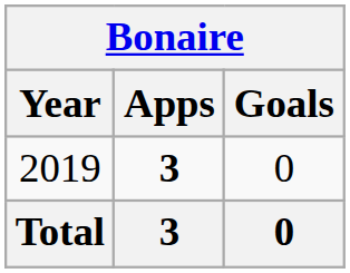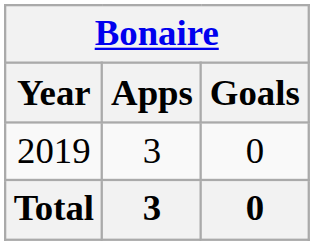 <table class="wikitable" style="text-align:center">
 <tr>
 <th colspan=3><a href='#'>Bonaire</a></th>
 </tr>
 <tr>
 <th>Year</th>
 <th>Apps</th>
 <th>Goals</th>
 </tr>
 <tr>
 <td>2019</td>
-<td><strong>3</strong></td>
+<td>3</td>
 <td>0</td>
 </tr>
 <tr>
 <th>Total</th>
 <th>3</th>
 <th>0</th>
 </tr>
 </table>
